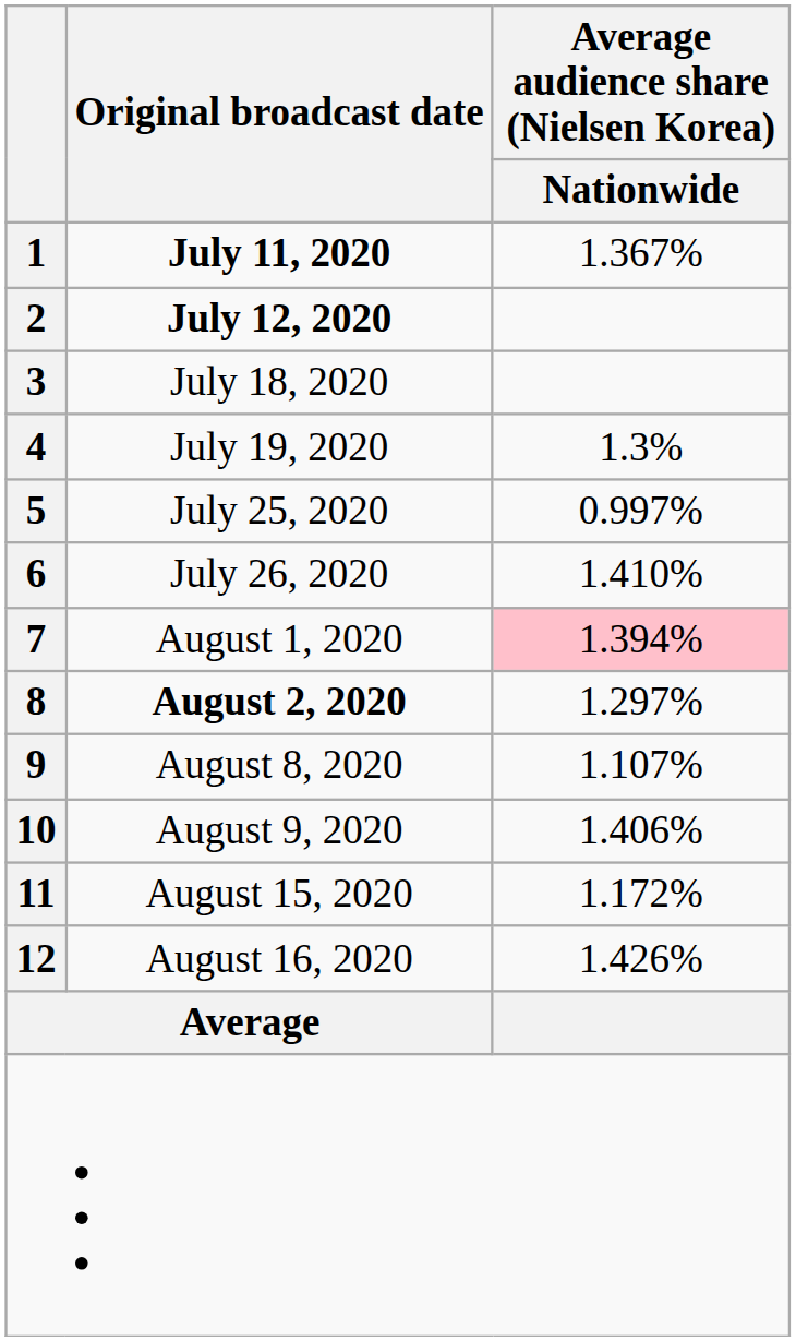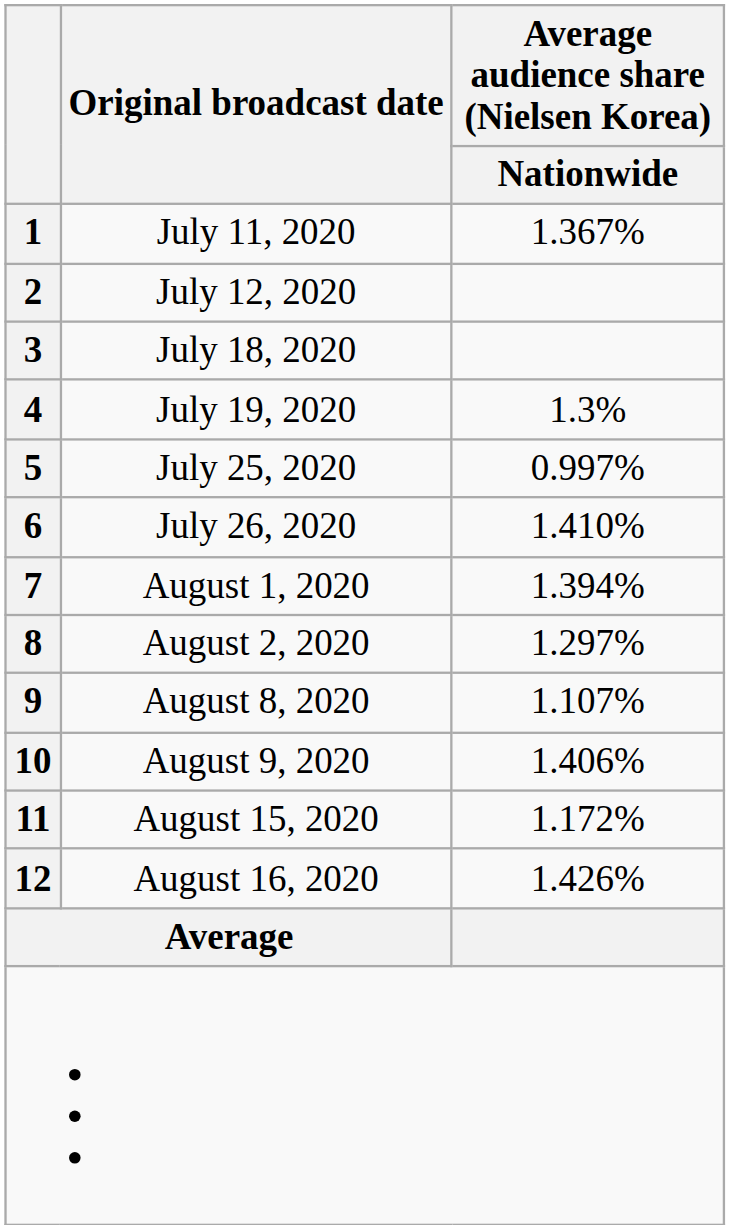 <table class="wikitable" style="text-align:center;max-width:500px; margin-left: auto; margin-right: auto; border: none;">
 <tr>
 </tr>
 <tr>
 <th rowspan="2"></th>
 <th rowspan="2">Original broadcast date</th>
 <th colspan="1">Average audience share<br>(Nielsen Korea)</th>
 </tr>
 <tr>
 <th width="110">Nationwide</th>
 </tr>
 <tr>
 <th>1</th>
-<td><strong>July 11, 2020</strong></td>
+<td>July 11, 2020</td>
 <td>1.367%</td>
 </tr>
 <tr>
 <th>2</th>
-<td><strong>July 12, 2020</strong></td>
+<td>July 12, 2020</td>
 <td></td>
 </tr>
 <tr>
 <th>3</th>
 <td>July 18, 2020</td>
 <td></td>
 </tr>
 <tr>
 <th>4</th>
 <td>July 19, 2020</td>
 <td>1.3%</td>
 </tr>
 <tr>
 <th>5</th>
 <td>July 25, 2020</td>
 <td>0.997%</td>
 </tr>
 <tr>
 <th>6</th>
 <td>July 26, 2020</td>
 <td>1.410%</td>
 </tr>
 <tr>
 <th>7</th>
 <td>August 1, 2020</td>
-<td style="background: pink;">1.394%</td>
+<td>1.394%</td>
 </tr>
 <tr>
 <th>8</th>
-<td><strong>August 2, 2020</strong></td>
+<td>August 2, 2020</td>
 <td>1.297%</td>
 </tr>
 <tr>
 <th>9</th>
 <td>August 8, 2020</td>
 <td>1.107%</td>
 </tr>
 <tr>
 <th>10</th>
 <td>August 9, 2020</td>
 <td>1.406%</td>
 </tr>
 <tr>
 <th>11</th>
 <td>August 15, 2020</td>
 <td>1.172%</td>
 </tr>
 <tr>
 <th>12</th>
 <td>August 16, 2020</td>
 <td>1.426%</td>
 </tr>
 <tr>
 <th colspan="2">Average</th>
 <th></th>
 </tr>
 <tr>
 <td colspan="6"><br><ul><li></li><li></li><li></li></ul></td>
 </tr>
 </table>
